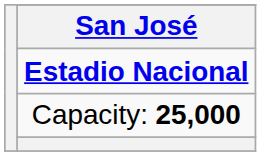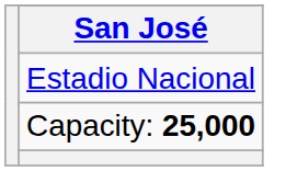 <table class="wikitable" style="text-align:center">
 <tr>
 <th rowspan="8"></th>
 </tr>
 <tr>
 <th><a href='#'>San José</a></th>
 </tr>
 <tr>
-<td><strong><a href='#'>Estadio Nacional</a></strong></td>
+<td><a href='#'>Estadio Nacional</a></td>
 </tr>
 <tr>
 <td>Capacity: <strong>25,000</strong></td>
 </tr>
 <tr>
 <th></th>
 </tr>
 </table>
